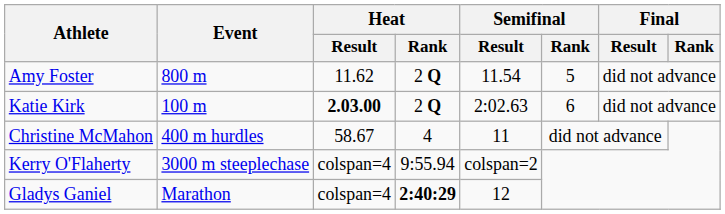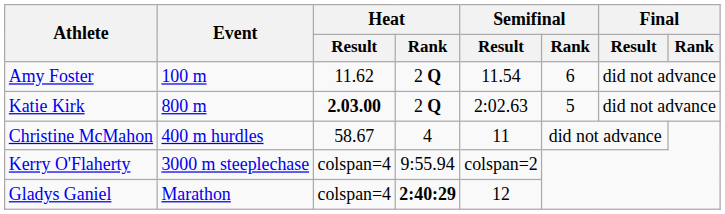 <table class="wikitable" style="font-size:90%">
 <tr>
 <th rowspan=2>Athlete</th>
 <th rowspan=2>Event</th>
 <th colspan=2>Heat</th>
 <th colspan=2>Semifinal</th>
 <th colspan=2>Final</th>
 </tr>
 <tr style="font-size:95%">
 <th>Result</th>
 <th>Rank</th>
 <th>Result</th>
 <th>Rank</th>
 <th>Result</th>
 <th>Rank</th>
 </tr>
 <tr align=center>
 <td align=left><a href='#'>Amy Foster</a></td>
-<td align=left><a href='#'>800 m</a></td>
+<td align=left><a href='#'>100 m</a></td>
 <td>11.62</td>
 <td>2 <strong>Q</strong></td>
 <td>11.54</td>
-<td>5</td>
+<td>6</td>
 <td colspan=2>did not advance</td>
 </tr>
 <tr align=center>
 <td align=left><a href='#'>Katie Kirk</a></td>
-<td align=left><a href='#'>100 m</a></td>
+<td align=left><a href='#'>800 m</a></td>
 <td><strong>2.03.00</strong></td>
 <td>2 <strong>Q</strong></td>
 <td>2:02.63</td>
-<td>6</td>
+<td>5</td>
 <td colspan=2>did not advance</td>
 </tr>
 <tr align=center>
 <td align=left><a href='#'>Christine McMahon</a></td>
 <td align=left><a href='#'>400 m hurdles</a></td>
 <td>58.67</td>
 <td>4</td>
 <td>11</td>
 <td colspan=2>did not advance</td>
 </tr>
 <tr align=center>
 <td align=left><a href='#'>Kerry O'Flaherty</a></td>
 <td align=left><a href='#'>3000 m steeplechase</a></td>
 <td>colspan=4 </td>
 <td>9:55.94</td>
 <td>colspan=2 </td>
 </tr>
 <tr align=center>
 <td align=left><a href='#'>Gladys Ganiel</a></td>
 <td align=left><a href='#'>Marathon</a></td>
 <td>colspan=4 </td>
 <td><strong>2:40:29</strong></td>
 <td>12</td>
 </tr>
 </table>
